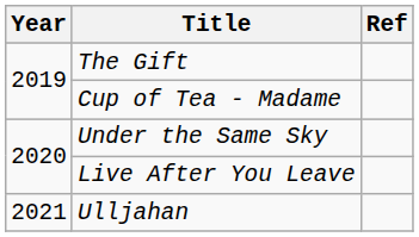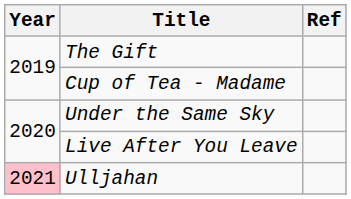 <table class="wikitable">
 <tr>
 <th>Year</th>
 <th>Title</th>
 <th>Ref</th>
 </tr>
 <tr>
 <td rowspan="2">2019</td>
 <td><em>The Gift</em></td>
 <td></td>
 </tr>
 <tr>
 <td><em>Cup of Tea - Madame</em></td>
 <td></td>
 </tr>
 <tr>
 <td rowspan="2">2020</td>
 <td><em>Under the Same Sky</em></td>
 <td></td>
 </tr>
 <tr>
 <td><em>Live After You Leave</em></td>
 <td></td>
 </tr>
 <tr>
-<td>2021</td>
+<td style="background: pink;">2021</td>
 <td><em>Ulljahan</em></td>
 <td></td>
 </tr>
 </table>
